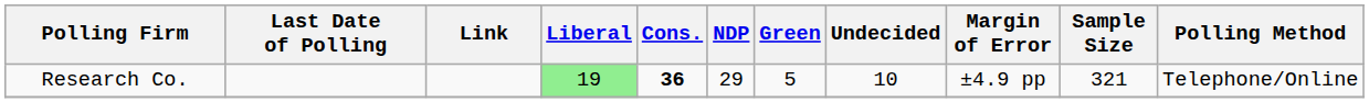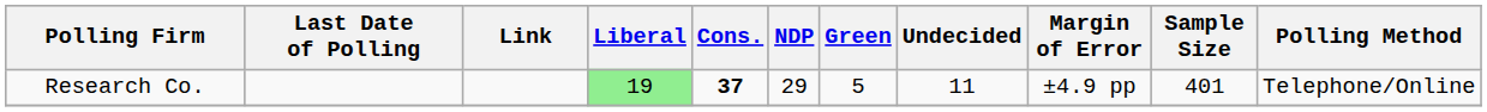 <table class="wikitable sortable" style="text-align:center;font-size:90%;line-height:14px;">
 <tr style="background:#e9e9e9;">
 <th style="width:120px">Polling Firm</th>
 <th style="width:110px">Last Date<br>of Polling</th>
 <th style="width:60px" class="unsortable">Link</th>
 <th style="background-color:"><a href='#'>Liberal</a></th>
 <th style="background-color:"><a href='#'>Cons.</a></th>
 <th style="background-color:"><a href='#'>NDP</a></th>
 <th style="background-color:"><a href='#'>Green</a></th>
 <th style="background-color:">Undecided</th>
 <th style="width:60px;" class=unsortable>Margin<br>of Error</th>
 <th style="width:50px;" class=unsortable>Sample<br>Size</th>
 <th class=unsortable>Polling Method</th>
 </tr>
 <tr>
 <td>Research Co.</td>
 <td></td>
 <td></td>
 <td style="background: lightgreen;">19</td>
-<td><strong>36</strong></td>
+<td><strong>37</strong></td>
 <td>29</td>
 <td>5</td>
-<td>10</td>
+<td>11</td>
 <td>±4.9 pp</td>
-<td>321</td>
+<td>401</td>
 <td>Telephone/Online</td>
 </tr>
 <tr>
 </tr>
 </table>
